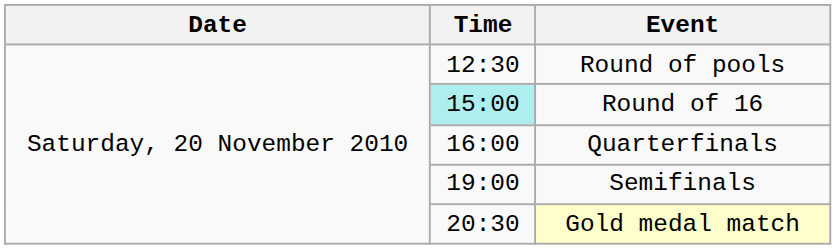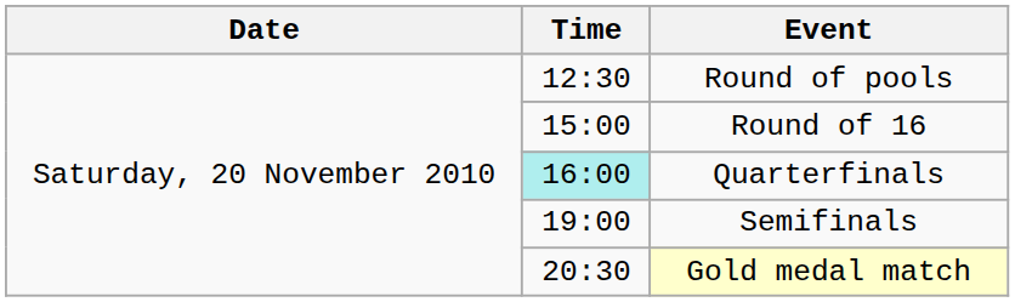 <table class = "wikitable" style="text-align:center;">
 <tr>
 <th width=220>Date</th>
 <th width=50>Time</th>
 <th width=150>Event</th>
 </tr>
 <tr>
 <td rowspan=5>Saturday, 20 November 2010</td>
 <td>12:30</td>
 <td>Round of pools</td>
 </tr>
 <tr>
-<td style="background: paleturquoise;">15:00</td>
+<td>15:00</td>
 <td>Round of 16</td>
 </tr>
 <tr>
-<td>16:00</td>
+<td style="background: paleturquoise;">16:00</td>
 <td>Quarterfinals</td>
 </tr>
 <tr>
 <td>19:00</td>
 <td>Semifinals</td>
 </tr>
 <tr>
 <td>20:30</td>
 <td bgcolor=ffffcc>Gold medal match</td>
 </tr>
 </table>
